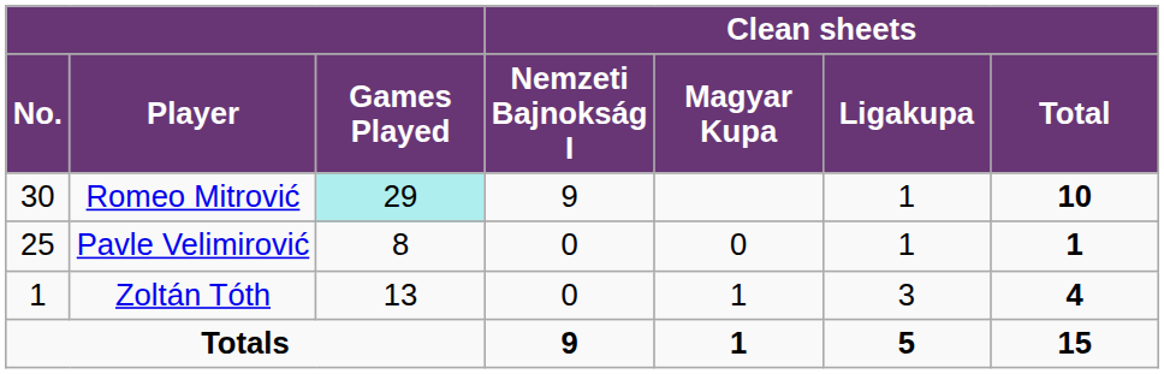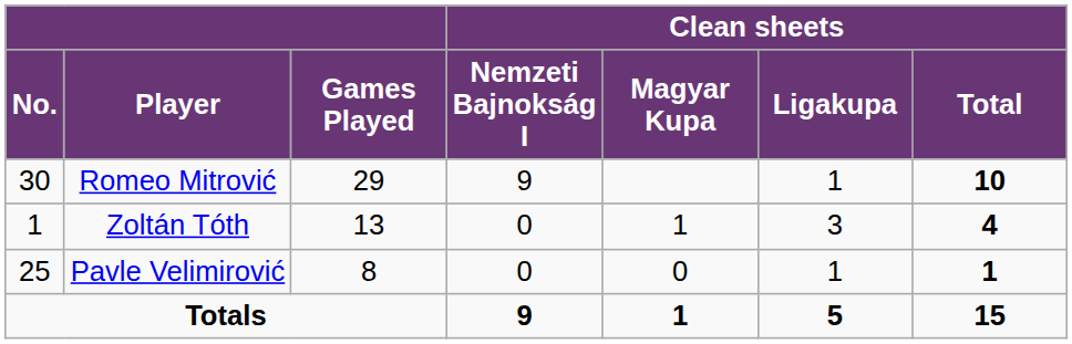 <table class="wikitable sortable alternance" style="text-align:center">
 <tr>
 <th colspan="3" style="background:#683675"></th>
 <th colspan="4" style="background:#683675; color:#FFFFFF">Clean sheets</th>
 </tr>
 <tr>
 <th style="background-color:#683675; color:#FFFFFF">No.</th>
 <th style="background-color:#683675; color:#FFFFFF">Player</th>
 <th width=80 style="background-color:#683675; color:#FFFFFF">Games Played</th>
 <th width=80 style="background-color:#683675; color:#FFFFFF">Nemzeti Bajnokság I</th>
 <th width=80 style="background-color:#683675; color:#FFFFFF">Magyar Kupa</th>
 <th width=80 style="background-color:#683675; color:#FFFFFF">Ligakupa</th>
 <th width=80 style="background-color:#683675; color:#FFFFFF">Total</th>
 </tr>
 <tr>
 <td>30</td>
 <td> <a href='#'>Romeo Mitrović</a></td>
-<td style="background: paleturquoise;">29</td>
+<td>29</td>
 <td>9</td>
 <td></td>
 <td>1</td>
 <td><strong>10</strong></td>
+</tr>
+<tr>
+<td>1</td>
+<td> <a href='#'>Zoltán Tóth</a></td>
+<td>13</td>
+<td>0</td>
+<td>1</td>
+<td>3</td>
+<td><strong>4</strong></td>
 </tr>
 <tr>
 <td>25</td>
 <td> <a href='#'>Pavle Velimirović</a></td>
 <td>8</td>
 <td>0</td>
 <td>0</td>
 <td>1</td>
 <td><strong>1</strong></td>
 </tr>
-<tr>
-<td>1</td>
-<td> <a href='#'>Zoltán Tóth</a></td>
-<td>13</td>
-<td>0</td>
-<td>1</td>
-<td>3</td>
-<td><strong>4</strong></td>
-</tr>
 <tr class="sortbottom">
 <td colspan="3"><strong>Totals</strong></td>
 <td><strong>9</strong></td>
 <td><strong>1</strong></td>
 <td><strong>5</strong></td>
 <td><strong>15</strong></td>
 </tr>
 </table>
